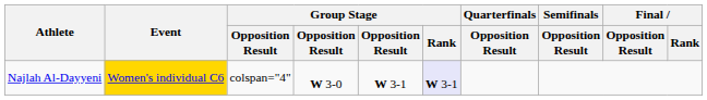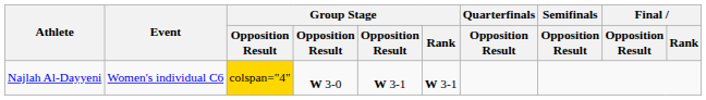 <table class=wikitable style="font-size:90%">
 <tr align=center>
 <th rowspan="2">Athlete</th>
 <th rowspan="2">Event</th>
 <th colspan="4">Group Stage</th>
 <th>Quarterfinals</th>
 <th>Semifinals</th>
 <th colspan="2">Final / </th>
 </tr>
 <tr>
 <th>Opposition<br>Result</th>
 <th>Opposition<br>Result</th>
 <th>Opposition<br>Result</th>
 <th>Rank</th>
 <th>Opposition<br>Result</th>
 <th>Opposition<br>Result</th>
 <th>Opposition<br>Result</th>
 <th>Rank</th>
 </tr>
 <tr align=center>
 <td align=left><a href='#'>Najlah Al-Dayyeni</a></td>
-<td align=left style="background: gold;"><a href='#'>Women's individual C6</a></td>
-<td>colspan="4" </td>
+<td align=left><a href='#'>Women's individual C6</a></td>
+<td style="background: gold;">colspan="4" </td>
 <td><br><strong>W</strong> 3-0</td>
 <td><br><strong>W</strong> 3-1</td>
-<td style="background: lavender;"><br><strong>W</strong> 3-1</td>
+<td><br><strong>W</strong> 3-1</td>
 <td align=center></td>
 </tr>
 </table>
